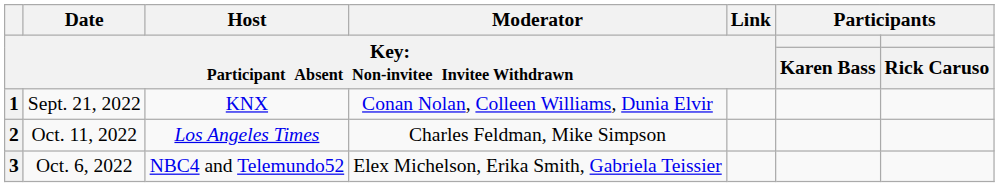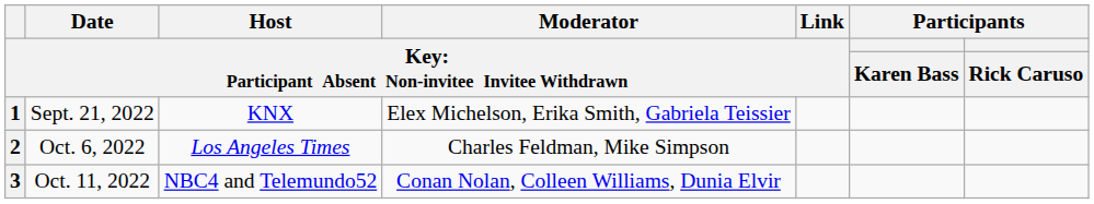 <table class="wikitable" style="text-align:center;">
 <tr>
 <th scope="col"></th>
 <th scope="col">Date</th>
 <th scope="col">Host</th>
 <th scope="col">Moderator</th>
 <th scope="col">Link</th>
 <th colspan="2" scope="col">Participants</th>
 </tr>
 <tr>
 <th colspan="5" rowspan="2">Key:<br> <small>Participant </small>  <small>Absent </small>  <small>Non-invitee </small>  <small>Invitee  Withdrawn</small></th>
 <th scope="col" style="background:"></th>
 <th scope="col" style="background:"></th>
 </tr>
 <tr>
 <th scope="col">Karen Bass</th>
 <th scope="col">Rick Caruso</th>
 </tr>
 <tr>
 <th scope="row">1</th>
 <td style="white-space:nowrap;">Sept. 21, 2022</td>
 <td style="white-space:nowrap;"><a href='#'>KNX</a></td>
-<td style="white-space:nowrap;"><a href='#'>Conan Nolan</a>, <a href='#'>Colleen Williams</a>, <a href='#'>Dunia Elvir</a></td>
+<td style="white-space:nowrap;">Elex Michelson, Erika Smith, <a href='#'>Gabriela Teissier</a></td>
 <td style="white-space:nowrap;"></td>
 <td></td>
 <td></td>
 </tr>
 <tr>
 <th scope="row">2</th>
-<td style="white-space:nowrap;">Oct. 11, 2022</td>
+<td style="white-space:nowrap;">Oct. 6, 2022</td>
 <td style="white-space:nowrap;"><em><a href='#'>Los Angeles Times</a></em></td>
 <td style="white-space:nowrap;">Charles Feldman, Mike Simpson</td>
 <td style="white-space:nowrap;"></td>
 <td></td>
 <td></td>
 </tr>
 <tr>
 <th scope=row>3</th>
-<td style="white-space:nowrap;">Oct. 6, 2022</td>
+<td style="white-space:nowrap;">Oct. 11, 2022</td>
 <td style="white-space:nowrap;"><a href='#'>NBC4</a> and <a href='#'>Telemundo52</a></td>
-<td style="white-space:nowrap;">Elex Michelson, Erika Smith, <a href='#'>Gabriela Teissier</a></td>
+<td style="white-space:nowrap;"><a href='#'>Conan Nolan</a>, <a href='#'>Colleen Williams</a>, <a href='#'>Dunia Elvir</a></td>
 <td style="white-space:nowrap;"></td>
 <td></td>
 <td></td>
 </tr>
 </table>
